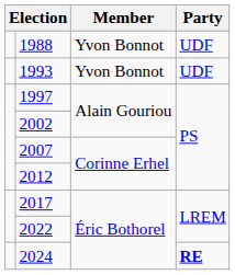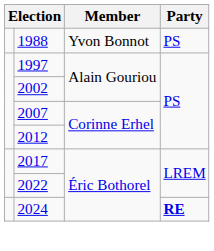 <table class="wikitable">
 <tr>
 <th colspan="2">Election</th>
 <th>Member</th>
 <th>Party</th>
 </tr>
 <tr>
 <td style="color:inherit;background-color: "></td>
 <td><a href='#'>1988</a></td>
 <td>Yvon Bonnot</td>
-<td><a href='#'>UDF</a></td>
-</tr>
-<tr>
-<td style="color:inherit;background-color: "></td>
-<td><a href='#'>1993</a></td>
-<td>Yvon Bonnot</td>
-<td><a href='#'>UDF</a></td>
+<td><a href='#'>PS</a></td>
 </tr>
 <tr>
 <td rowspan="4" style="color:inherit;background-color: "></td>
 <td><a href='#'>1997</a></td>
 <td rowspan="2">Alain Gouriou</td>
 <td rowspan="4"><a href='#'>PS</a></td>
 </tr>
 <tr>
 <td><a href='#'>2002</a></td>
 </tr>
 <tr>
 <td><a href='#'>2007</a></td>
 <td rowspan="2"><a href='#'>Corinne Erhel</a></td>
 </tr>
 <tr>
 <td><a href='#'>2012</a></td>
 </tr>
 <tr>
 <td rowspan="2" style="color:inherit;background-color: "></td>
 <td><a href='#'>2017</a></td>
 <td rowspan="3"><a href='#'>Éric Bothorel</a></td>
 <td rowspan="2"><a href='#'>LREM</a></td>
 </tr>
 <tr>
 <td><a href='#'>2022</a></td>
 </tr>
 <tr>
 <td style="color:inherit;background-color: "></td>
 <td><a href='#'>2024</a></td>
 <td><strong><a href='#'>RE</a></strong></td>
 </tr>
 </table>
